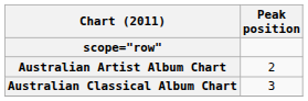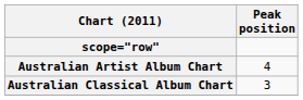 <table class="wikitable sortable plainrowheaders" style="text-align:center;">
 <tr>
 <th scope="col">Chart (2011)</th>
 <th scope="col">Peak<br>position</th>
 </tr>
 <tr>
 <th>scope="row"</th>
 </tr>
 <tr>
 <th scope="row">Australian Artist Album Chart</th>
-<td>2</td>
+<td>4</td>
 </tr>
 <tr>
 <th scope="row">Australian Classical Album Chart</th>
 <td>3</td>
 </tr>
 <tr>
 </tr>
 </table>
